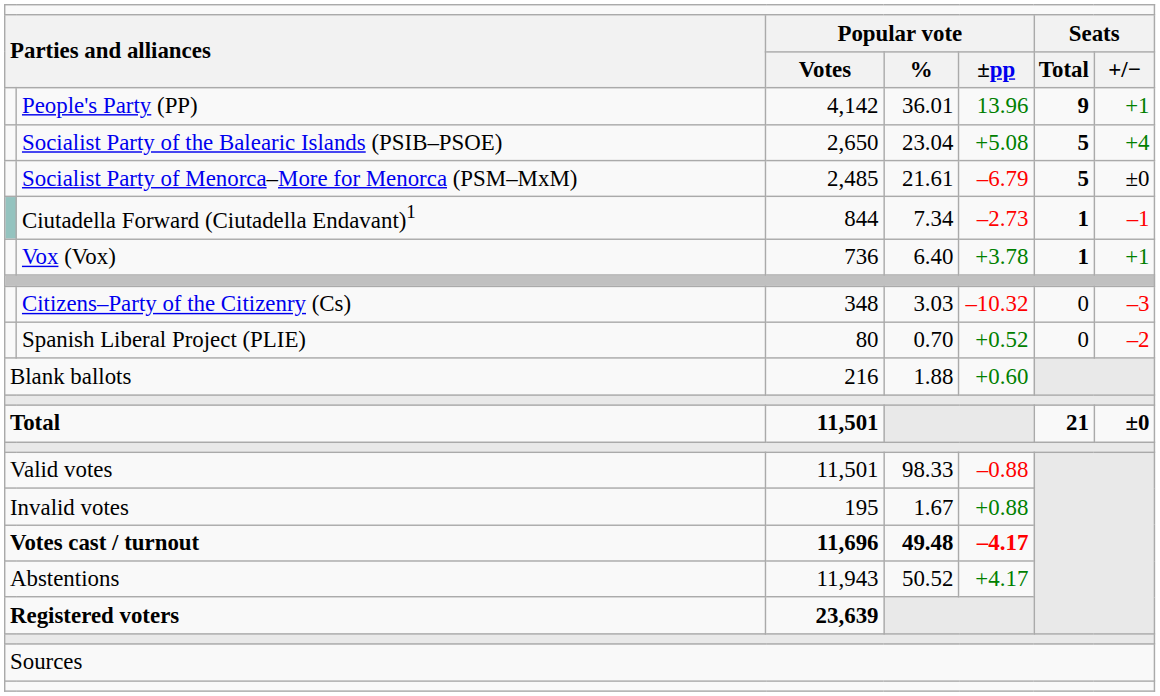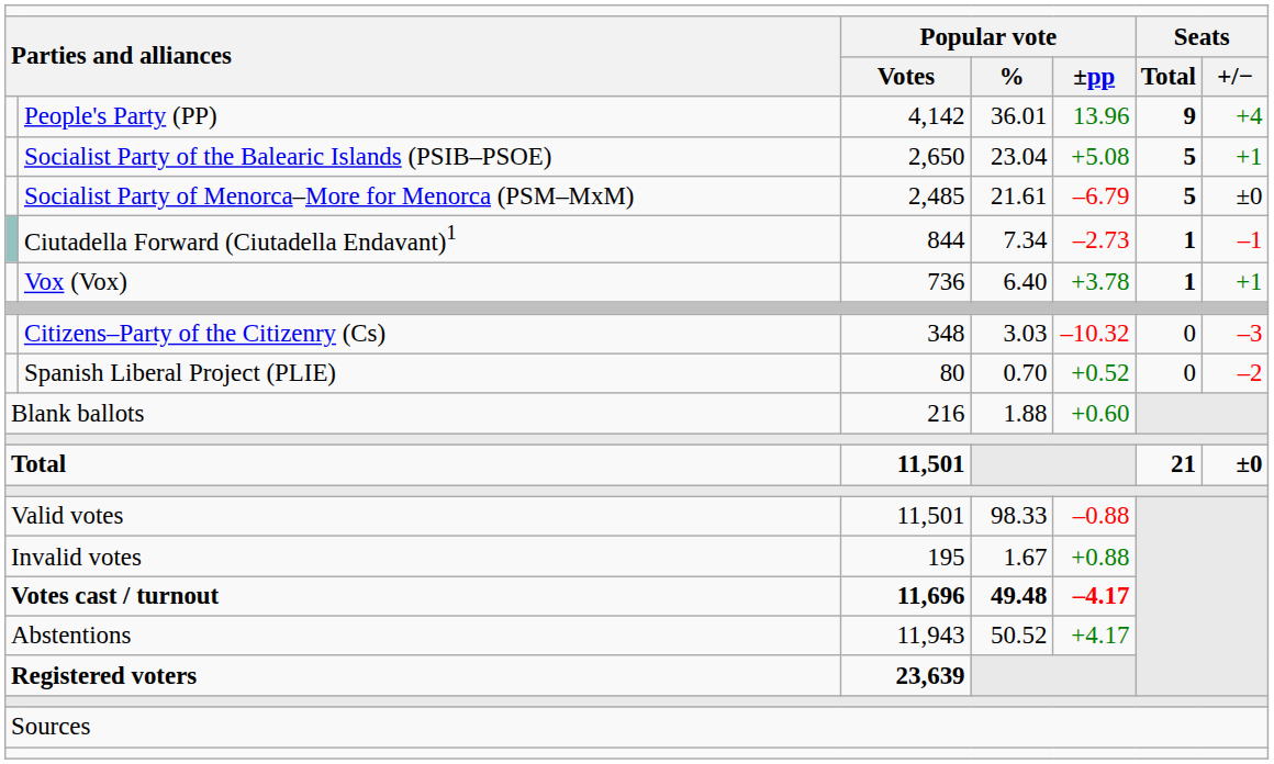 <table class="wikitable" style="text-align:right;">
 <tr>
 <td colspan="7"></td>
 </tr>
 <tr>
 <th style="text-align:left;" rowspan="2" colspan="2" width="525">Parties and alliances</th>
 <th colspan="3">Popular vote</th>
 <th colspan="2">Seats</th>
 </tr>
 <tr>
 <th width="75">Votes</th>
 <th width="45">%</th>
 <th width="45">±<a href='#'>pp</a></th>
 <th width="35">Total</th>
 <th width="35">+/−</th>
 </tr>
 <tr>
 <td width="1" style="color:inherit;background:"></td>
 <td align="left"><a href='#'>People's Party</a> (PP)</td>
 <td>4,142</td>
 <td>36.01</td>
 <td style="color:green;">13.96</td>
 <td><strong>9</strong></td>
-<td style="color:green;">+1</td>
+<td style="color:green;">+4</td>
 </tr>
 <tr>
 <td style="color:inherit;background:"></td>
 <td align="left"><a href='#'>Socialist Party of the Balearic Islands</a> (PSIB–PSOE)</td>
 <td>2,650</td>
 <td>23.04</td>
 <td style="color:green;">+5.08</td>
 <td><strong>5</strong></td>
-<td style="color:green;">+4</td>
+<td style="color:green;">+1</td>
 </tr>
 <tr>
 <td style="color:inherit;background:"></td>
 <td align="left"><a href='#'>Socialist Party of Menorca</a>–<a href='#'>More for Menorca</a> (PSM–MxM)</td>
 <td>2,485</td>
 <td>21.61</td>
 <td style="color:red;">–6.79</td>
 <td><strong>5</strong></td>
 <td>±0</td>
 </tr>
 <tr>
 <td bgcolor="#94C3BF"></td>
 <td align="left">Ciutadella Forward (Ciutadella Endavant)<sup>1</sup></td>
 <td>844</td>
 <td>7.34</td>
 <td style="color:red;">–2.73</td>
 <td><strong>1</strong></td>
 <td style="color:red;">–1</td>
 </tr>
 <tr>
 <td style="color:inherit;background:"></td>
 <td align="left"><a href='#'>Vox</a> (Vox)</td>
 <td>736</td>
 <td>6.40</td>
 <td style="color:green;">+3.78</td>
 <td><strong>1</strong></td>
 <td style="color:green;">+1</td>
 </tr>
 <tr>
 <td colspan="7" bgcolor="#C0C0C0"></td>
 </tr>
 <tr>
 <td style="color:inherit;background:"></td>
 <td align="left"><a href='#'>Citizens–Party of the Citizenry</a> (Cs)</td>
 <td>348</td>
 <td>3.03</td>
 <td style="color:red;">–10.32</td>
 <td>0</td>
 <td style="color:red;">–3</td>
 </tr>
 <tr>
 <td style="color:inherit;background:"></td>
 <td align="left">Spanish Liberal Project (PLIE)</td>
 <td>80</td>
 <td>0.70</td>
 <td style="color:green;">+0.52</td>
 <td>0</td>
 <td style="color:red;">–2</td>
 </tr>
 <tr>
 <td align="left" colspan="2">Blank ballots</td>
 <td>216</td>
 <td>1.88</td>
 <td style="color:green;">+0.60</td>
 <td bgcolor="#E9E9E9" colspan="2"></td>
 </tr>
 <tr>
 <td colspan="7" bgcolor="#E9E9E9"></td>
 </tr>
 <tr style="font-weight:bold;">
 <td align="left" colspan="2">Total</td>
 <td>11,501</td>
 <td bgcolor="#E9E9E9" colspan="2"></td>
 <td>21</td>
 <td>±0</td>
 </tr>
 <tr>
 <td colspan="7" bgcolor="#E9E9E9"></td>
 </tr>
 <tr>
 <td align="left" colspan="2">Valid votes</td>
 <td>11,501</td>
 <td>98.33</td>
 <td style="color:red;">–0.88</td>
 <td bgcolor="#E9E9E9" colspan="2" rowspan="5"></td>
 </tr>
 <tr>
 <td align="left" colspan="2">Invalid votes</td>
 <td>195</td>
 <td>1.67</td>
 <td style="color:green;">+0.88</td>
 </tr>
 <tr style="font-weight:bold;">
 <td align="left" colspan="2">Votes cast / turnout</td>
 <td>11,696</td>
 <td>49.48</td>
 <td style="color:red;">–4.17</td>
 </tr>
 <tr>
 <td align="left" colspan="2">Abstentions</td>
 <td>11,943</td>
 <td>50.52</td>
 <td style="color:green;">+4.17</td>
 </tr>
 <tr style="font-weight:bold;">
 <td align="left" colspan="2">Registered voters</td>
 <td>23,639</td>
 <td bgcolor="#E9E9E9" colspan="2"></td>
 </tr>
 <tr>
 <td colspan="7" bgcolor="#E9E9E9"></td>
 </tr>
 <tr>
 <td align="left" colspan="7">Sources</td>
 </tr>
 <tr>
 <td colspan="7" style="text-align:left; max-width:790px;"></td>
 </tr>
 </table>
